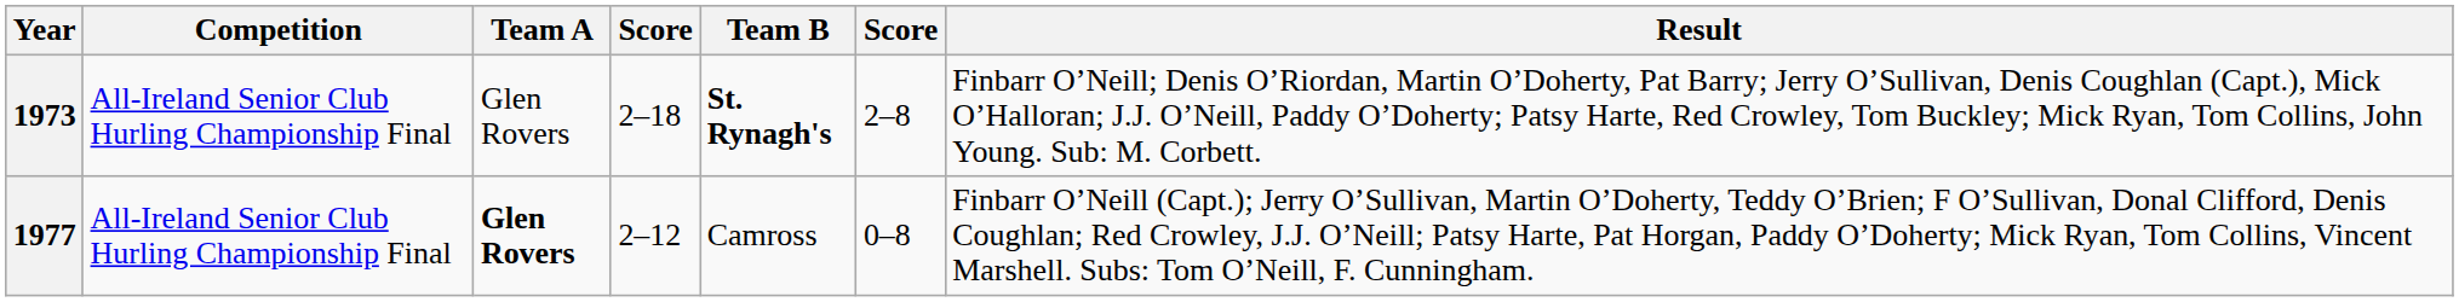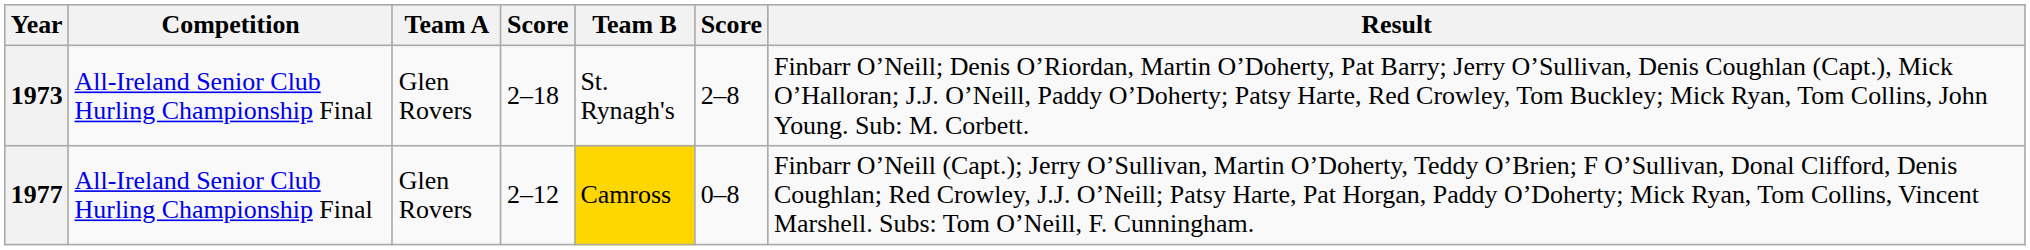 <table class="wikitable">
 <tr>
 <th>Year</th>
 <th>Competition</th>
 <th>Team A</th>
 <th>Score</th>
 <th>Team B</th>
 <th>Score</th>
 <th>Result</th>
 </tr>
 <tr>
 <th>1973</th>
 <td><a href='#'>All-Ireland Senior Club Hurling Championship</a> Final</td>
 <td>Glen Rovers</td>
 <td>2–18</td>
-<td><strong>St. Rynagh's</strong></td>
+<td>St. Rynagh's</td>
 <td>2–8</td>
 <td>Finbarr O’Neill; Denis O’Riordan, Martin O’Doherty, Pat Barry; Jerry O’Sullivan, Denis Coughlan (Capt.), Mick O’Halloran; J.J. O’Neill, Paddy O’Doherty; Patsy Harte, Red Crowley, Tom Buckley; Mick Ryan, Tom Collins, John Young. Sub: M. Corbett.</td>
 </tr>
 <tr>
 <th>1977</th>
 <td><a href='#'>All-Ireland Senior Club Hurling Championship</a> Final</td>
-<td><strong>Glen Rovers</strong></td>
+<td>Glen Rovers</td>
 <td>2–12</td>
-<td>Camross</td>
+<td style="background: gold;">Camross</td>
 <td>0–8</td>
 <td>Finbarr O’Neill (Capt.); Jerry O’Sullivan, Martin O’Doherty, Teddy O’Brien; F O’Sullivan, Donal Clifford, Denis Coughlan; Red Crowley, J.J. O’Neill; Patsy Harte, Pat Horgan, Paddy O’Doherty; Mick Ryan, Tom Collins, Vincent Marshell. Subs: Tom O’Neill, F. Cunningham.</td>
 </tr>
 </table>
